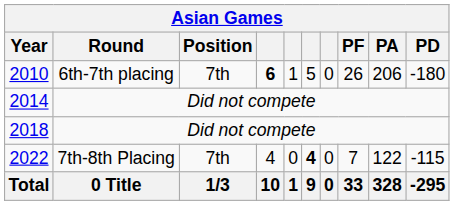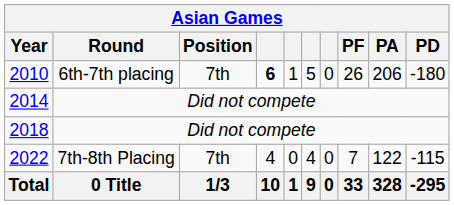 <table class="wikitable" style="text-align: center;">
 <tr>
 <th colspan="10"><a href='#'>Asian Games</a></th>
 </tr>
 <tr>
 <th>Year</th>
 <th>Round</th>
 <th>Position</th>
 <th></th>
 <th></th>
 <th></th>
 <th></th>
 <th>PF</th>
 <th>PA</th>
 <th>PD</th>
 </tr>
 <tr>
 <td> <a href='#'>2010</a></td>
 <td>6th-7th placing</td>
 <td>7th</td>
 <td><strong>6</strong></td>
 <td>1</td>
 <td>5</td>
 <td>0</td>
 <td>26</td>
 <td>206</td>
 <td>-180</td>
 </tr>
 <tr>
 <td> <a href='#'>2014</a></td>
 <td colspan="9" rowspan=1><em>Did not compete</em></td>
 </tr>
 <tr>
 <td> <a href='#'>2018</a></td>
 <td colspan="9" rowspan=1><em>Did not compete</em></td>
 </tr>
 <tr>
 <td> <a href='#'>2022</a></td>
 <td>7th-8th Placing</td>
 <td>7th</td>
 <td>4</td>
 <td>0</td>
-<td><strong>4</strong></td>
+<td>4</td>
 <td>0</td>
 <td>7</td>
 <td>122</td>
 <td>-115</td>
 </tr>
 <tr>
 <th>Total</th>
 <th>0 Title</th>
 <th>1/3</th>
 <th>10</th>
 <th>1</th>
 <th>9</th>
 <th>0</th>
 <th>33</th>
 <th>328</th>
 <th>-295</th>
 </tr>
 </table>
